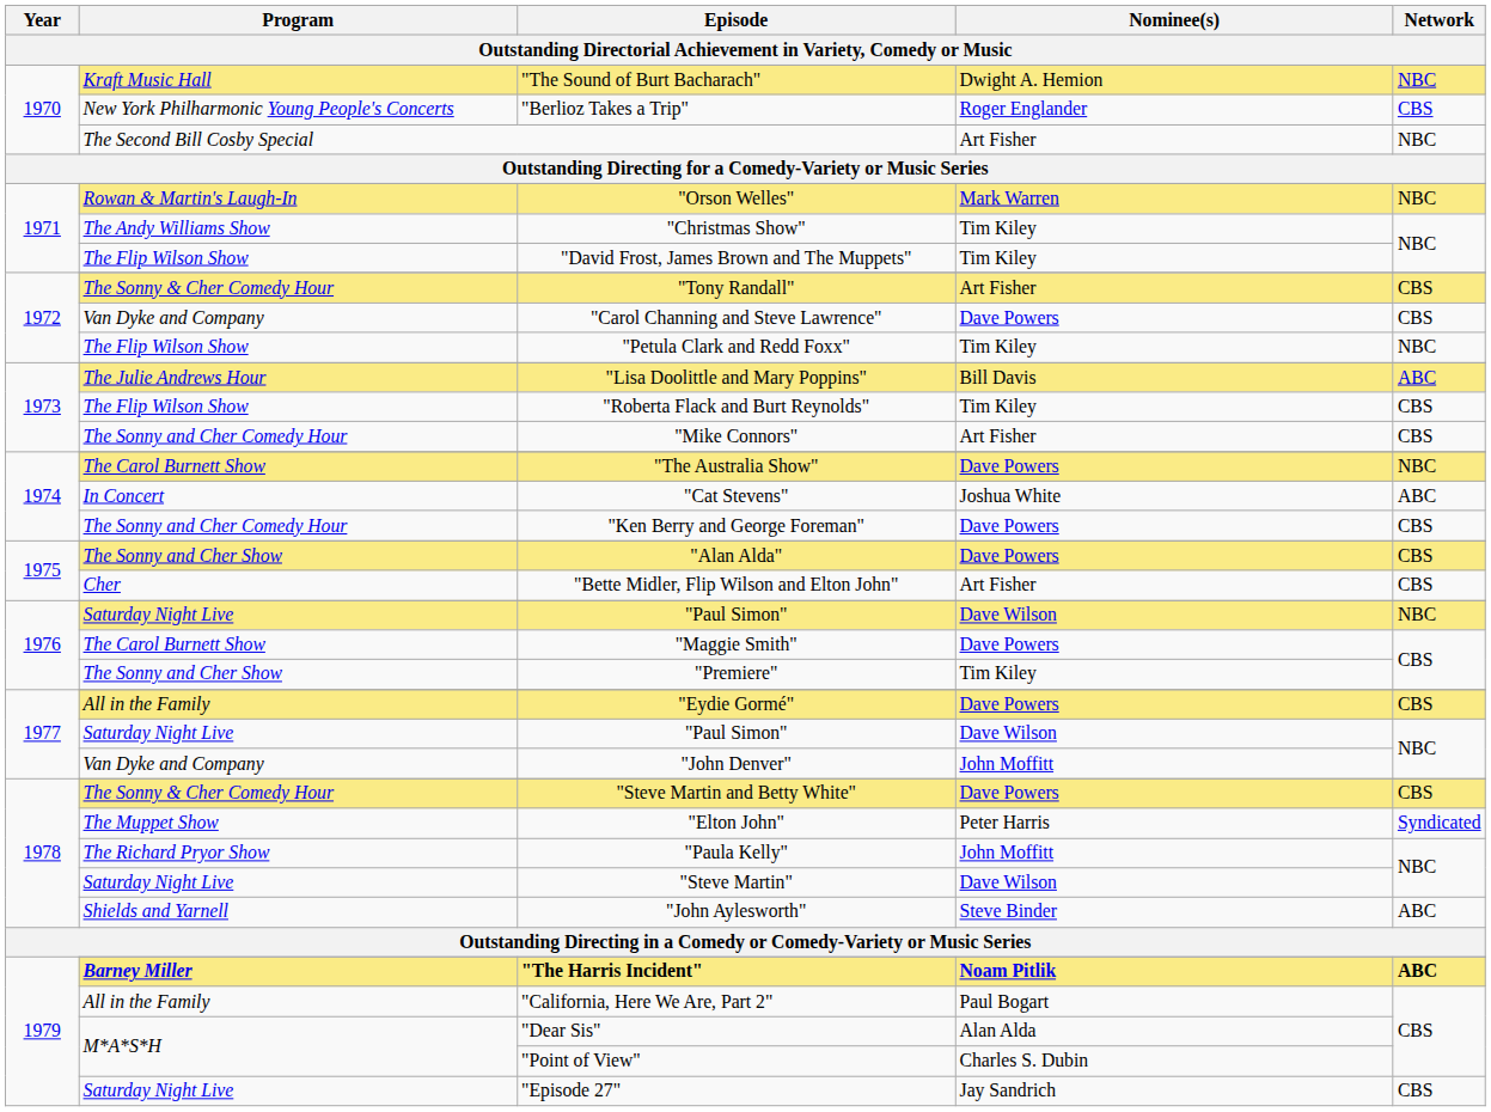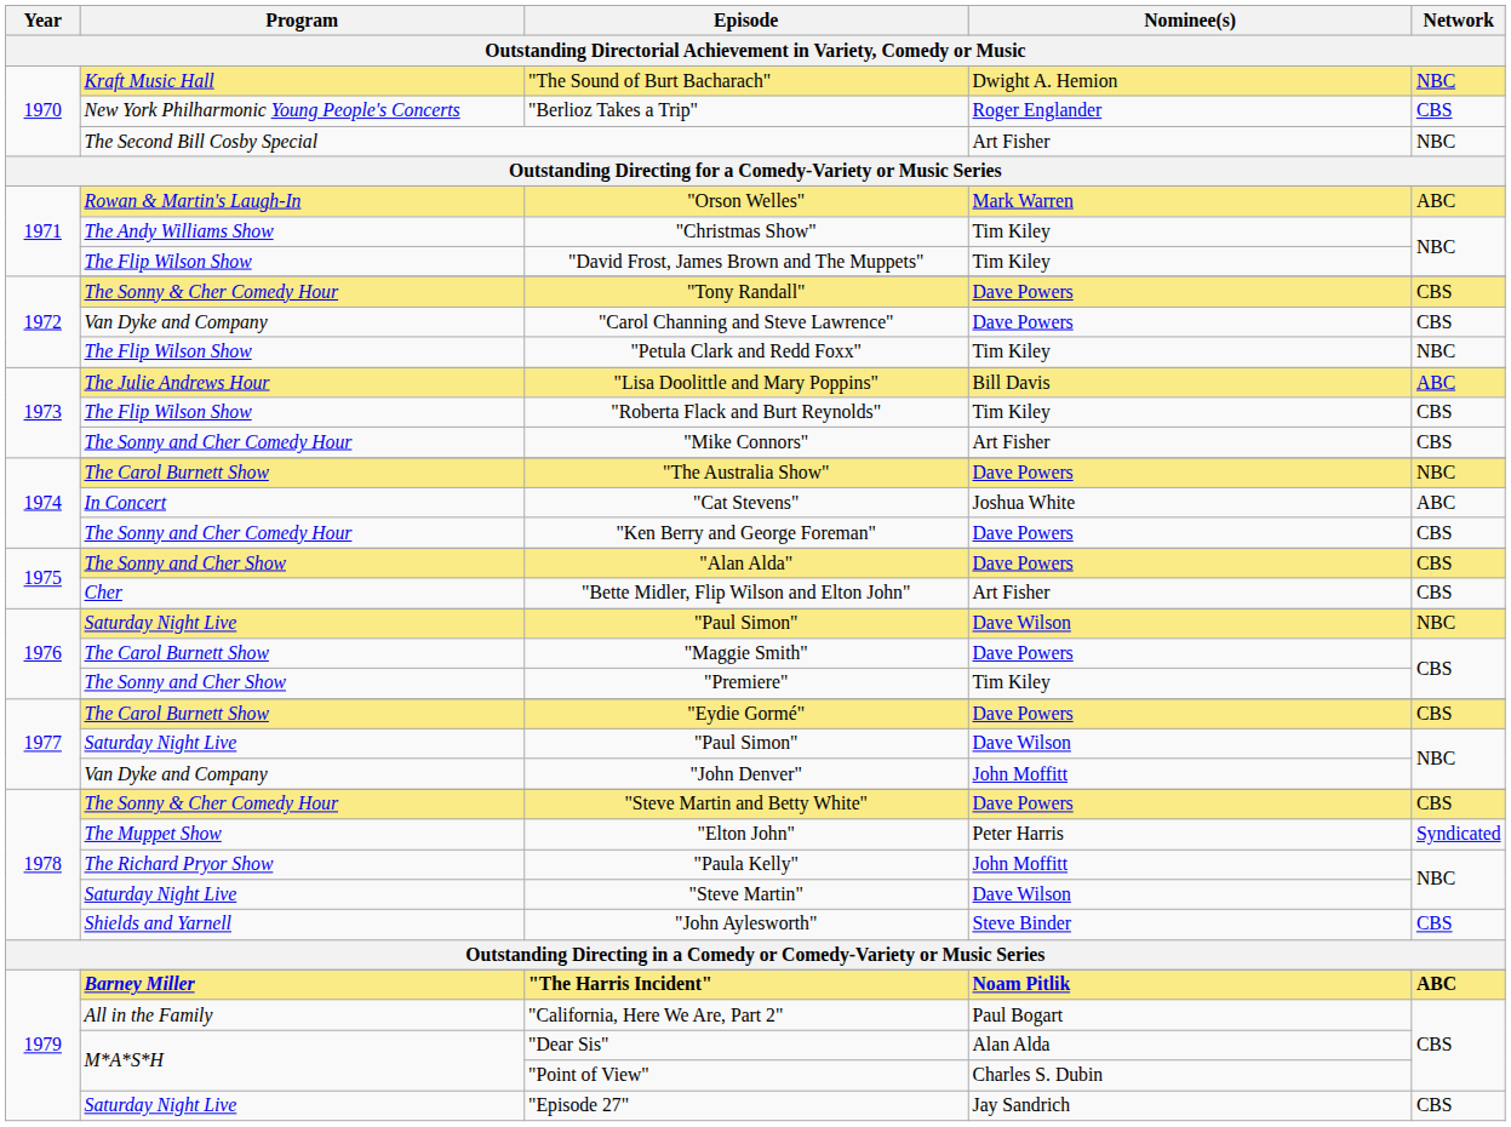 <table class="wikitable" style="width:100%">
 <tr bgcolor="#bebebe">
 <th width="5%">Year</th>
 <th width="30%">Program</th>
 <th width="30%">Episode</th>
 <th width="30%">Nominee(s)</th>
 <th width="5%">Network</th>
 </tr>
 <tr>
 <th colspan="5">Outstanding Directorial Achievement in Variety, Comedy or Music</th>
 </tr>
 <tr>
 <td rowspan="4" style="text-align:center;"><a href='#'>1970</a></td>
 </tr>
 <tr style="background:#FAEB86;">
 <td><em><a href='#'>Kraft Music Hall</a></em></td>
 <td>"The Sound of Burt Bacharach"</td>
 <td>Dwight A. Hemion</td>
 <td><a href='#'>NBC</a></td>
 </tr>
 <tr>
 <td><em>New York Philharmonic <a href='#'>Young People's Concerts</a></em></td>
 <td>"Berlioz Takes a Trip"</td>
 <td><a href='#'>Roger Englander</a></td>
 <td><a href='#'>CBS</a></td>
 </tr>
 <tr>
 <td colspan="2"><em>The Second Bill Cosby Special</em></td>
 <td>Art Fisher</td>
 <td>NBC</td>
 </tr>
 <tr>
 <th colspan="5">Outstanding Directing for a Comedy-Variety or Music Series</th>
 </tr>
 <tr>
 <td rowspan="4" style="text-align:center;"><a href='#'>1971</a><br></td>
 </tr>
 <tr style="background:#FAEB86;">
 <td><em><a href='#'>Rowan & Martin's Laugh-In</a></em></td>
 <td align=center>"Orson Welles"</td>
 <td><a href='#'>Mark Warren</a></td>
-<td>NBC</td>
+<td>ABC</td>
 </tr>
 <tr>
 <td><em><a href='#'>The Andy Williams Show</a></em></td>
 <td align=center>"Christmas Show"</td>
 <td>Tim Kiley</td>
 <td rowspan=2>NBC</td>
 </tr>
 <tr>
 <td><em><a href='#'>The Flip Wilson Show</a></em></td>
 <td align=center>"David Frost, James Brown and The Muppets"</td>
 <td>Tim Kiley</td>
 </tr>
 <tr>
 <td rowspan="4" style="text-align:center;"><a href='#'>1972</a><br></td>
 </tr>
 <tr style="background:#FAEB86;">
 <td><em><a href='#'>The Sonny & Cher Comedy Hour</a></em></td>
 <td align=center>"Tony Randall"</td>
-<td>Art Fisher</td>
+<td><a href='#'>Dave Powers</a></td>
 <td>CBS</td>
 </tr>
 <tr>
 <td><em>Van Dyke and Company</em></td>
 <td align=center>"Carol Channing and Steve Lawrence"</td>
 <td><a href='#'>Dave Powers</a></td>
 <td>CBS</td>
 </tr>
 <tr>
 <td><em><a href='#'>The Flip Wilson Show</a></em></td>
 <td align=center>"Petula Clark and Redd Foxx"</td>
 <td>Tim Kiley</td>
 <td>NBC</td>
 </tr>
 <tr>
 <td rowspan="4" style="text-align:center;"><a href='#'>1973</a></td>
 </tr>
 <tr style="background:#FAEB86;">
 <td><em><a href='#'>The Julie Andrews Hour</a></em></td>
 <td align=center>"Lisa Doolittle and Mary Poppins"</td>
 <td>Bill Davis</td>
 <td><a href='#'>ABC</a></td>
 </tr>
 <tr>
 <td><em><a href='#'>The Flip Wilson Show</a></em></td>
 <td align=center>"Roberta Flack and Burt Reynolds"</td>
 <td>Tim Kiley</td>
 <td>CBS</td>
 </tr>
 <tr>
 <td><em><a href='#'>The Sonny and Cher Comedy Hour</a></em></td>
 <td align=center>"Mike Connors"</td>
 <td>Art Fisher</td>
 <td>CBS</td>
 </tr>
 <tr>
 <td rowspan="4" style="text-align:center;"><a href='#'>1974</a><br></td>
 </tr>
 <tr style="background:#FAEB86;">
 <td><em><a href='#'>The Carol Burnett Show</a></em></td>
 <td align=center>"The Australia Show"</td>
 <td><a href='#'>Dave Powers</a></td>
 <td>NBC</td>
 </tr>
 <tr>
 <td><em><a href='#'>In Concert</a></em></td>
 <td align=center>"Cat Stevens"</td>
 <td>Joshua White</td>
 <td>ABC</td>
 </tr>
 <tr>
 <td><em><a href='#'>The Sonny and Cher Comedy Hour</a></em></td>
 <td align=center>"Ken Berry and George Foreman"</td>
 <td><a href='#'>Dave Powers</a></td>
 <td>CBS</td>
 </tr>
 <tr>
 <td rowspan="3" style="text-align:center;"><a href='#'>1975</a><br></td>
 </tr>
 <tr style="background:#FAEB86;">
 <td><em><a href='#'>The Sonny and Cher Show</a></em></td>
 <td align=center>"Alan Alda"</td>
 <td><a href='#'>Dave Powers</a></td>
 <td>CBS</td>
 </tr>
 <tr>
 <td><em><a href='#'>Cher</a></em></td>
 <td align=center>"Bette Midler, Flip Wilson and Elton John"</td>
 <td>Art Fisher</td>
 <td>CBS</td>
 </tr>
 <tr>
 <td rowspan="4" style="text-align:center;"><a href='#'>1976</a><br></td>
 </tr>
 <tr style="background:#FAEB86;">
 <td><em><a href='#'>Saturday Night Live</a></em></td>
 <td align=center>"Paul Simon"</td>
 <td><a href='#'>Dave Wilson</a></td>
 <td>NBC</td>
 </tr>
 <tr>
 <td><em><a href='#'>The Carol Burnett Show</a></em></td>
 <td align=center>"Maggie Smith"</td>
 <td><a href='#'>Dave Powers</a></td>
 <td rowspan=2>CBS</td>
 </tr>
 <tr>
 <td><em><a href='#'>The Sonny and Cher Show</a></em></td>
 <td align=center>"Premiere"</td>
 <td>Tim Kiley</td>
 </tr>
 <tr>
 <td rowspan="4" style="text-align:center;"><a href='#'>1977</a><br></td>
 </tr>
 <tr style="background:#FAEB86;">
-<td><em>All in the Family</em></td>
+<td><em><a href='#'>The Carol Burnett Show</a></em></td>
 <td align=center>"Eydie Gormé"</td>
 <td><a href='#'>Dave Powers</a></td>
 <td>CBS</td>
 </tr>
 <tr>
 <td><em><a href='#'>Saturday Night Live</a></em></td>
 <td align=center>"Paul Simon"</td>
 <td><a href='#'>Dave Wilson</a></td>
 <td rowspan=2>NBC</td>
 </tr>
 <tr>
 <td><em>Van Dyke and Company</em></td>
 <td align=center>"John Denver"</td>
 <td><a href='#'>John Moffitt</a></td>
 </tr>
 <tr>
 <td rowspan="6" style="text-align:center;"><a href='#'>1978</a><br></td>
 </tr>
 <tr style="background:#FAEB86;">
 <td><em><a href='#'>The Sonny & Cher Comedy Hour</a></em></td>
 <td align=center>"Steve Martin and Betty White"</td>
 <td><a href='#'>Dave Powers</a></td>
 <td>CBS</td>
 </tr>
 <tr>
 <td><em><a href='#'>The Muppet Show</a></em></td>
 <td align=center>"Elton John"</td>
 <td>Peter Harris</td>
 <td><a href='#'>Syndicated</a></td>
 </tr>
 <tr>
 <td><em><a href='#'>The Richard Pryor Show</a></em></td>
 <td align=center>"Paula Kelly"</td>
 <td><a href='#'>John Moffitt</a></td>
 <td rowspan=2>NBC</td>
 </tr>
 <tr>
 <td><em><a href='#'>Saturday Night Live</a></em></td>
 <td align=center>"Steve Martin"</td>
 <td><a href='#'>Dave Wilson</a></td>
 </tr>
 <tr>
 <td><em><a href='#'>Shields and Yarnell</a></em></td>
 <td align=center>"John Aylesworth"</td>
 <td><a href='#'>Steve Binder</a></td>
-<td>ABC</td>
+<td><a href='#'>CBS</a></td>
 </tr>
 <tr>
 <th colspan=5>Outstanding Directing in a Comedy or Comedy-Variety or Music Series</th>
 </tr>
 <tr>
 <td rowspan=7 align=center><a href='#'>1979</a><br></td>
 </tr>
 <tr>
 <td style="background:#FAEB86;"><strong><em><a href='#'>Barney Miller</a></em></strong></td>
 <td style="background:#FAEB86;"><strong>"The Harris Incident"</strong></td>
 <td style="background:#FAEB86;"><strong><a href='#'>Noam Pitlik</a></strong></td>
 <td style="background:#FAEB86;"><strong>ABC</strong></td>
 </tr>
 <tr>
 <td><em>All in the Family</em></td>
 <td>"California, Here We Are, Part 2"</td>
 <td>Paul Bogart</td>
 <td rowspan=3>CBS</td>
 </tr>
 <tr>
 <td rowspan=2><em>M*A*S*H</em></td>
 <td>"Dear Sis"</td>
 <td>Alan Alda</td>
 </tr>
 <tr>
 <td>"Point of View"</td>
 <td>Charles S. Dubin</td>
 </tr>
 <tr>
 <td><em><a href='#'>Saturday Night Live</a></em></td>
 <td>"Episode 27"</td>
 <td>Jay Sandrich</td>
 <td>CBS</td>
 </tr>
 </table>
